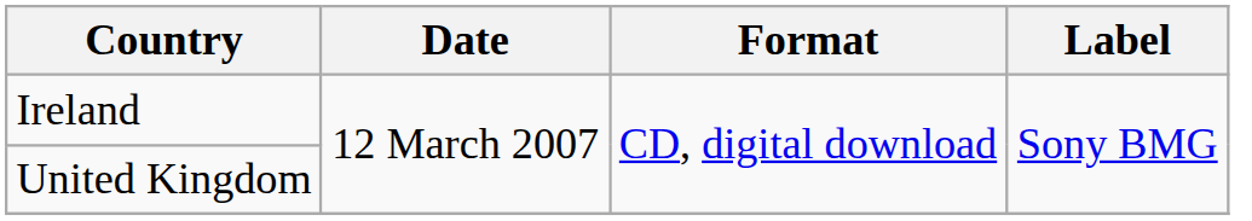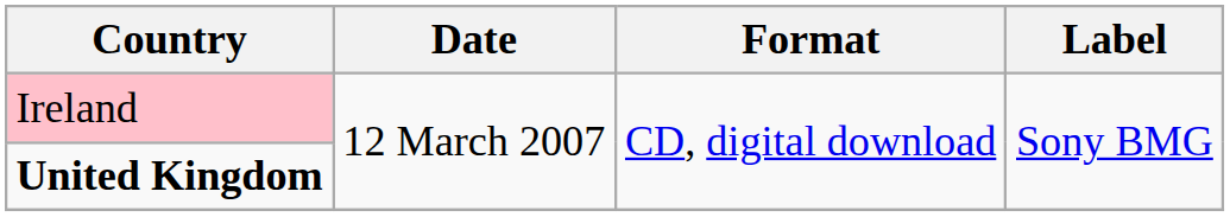 <table class="wikitable plainrowheaders" border="1">
 <tr>
 <th scope="col">Country</th>
 <th scope="col">Date</th>
 <th scope="col">Format</th>
 <th scope="col">Label</th>
 </tr>
 <tr>
-<td>Ireland</td>
+<td style="background: pink;">Ireland</td>
 <td rowspan="2">12 March 2007</td>
 <td rowspan="2"><a href='#'>CD</a>, <a href='#'>digital download</a></td>
 <td rowspan="2"><a href='#'>Sony BMG</a></td>
 </tr>
 <tr>
-<td>United Kingdom</td>
+<td><strong>United Kingdom</strong></td>
 </tr>
 <tr>
 </tr>
 </table>
